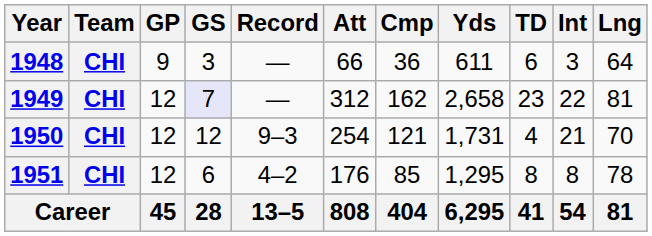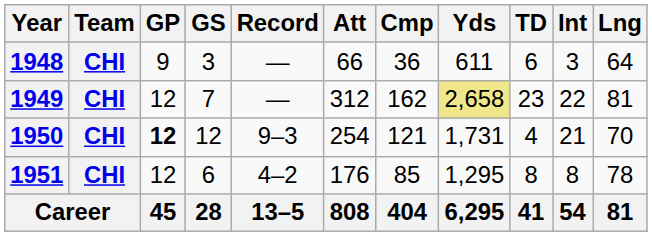 <table class=wikitable style="text-align:center;">
 <tr>
 <th>Year</th>
 <th>Team</th>
 <th>GP</th>
 <th>GS</th>
 <th>Record</th>
 <th>Att</th>
 <th>Cmp</th>
 <th>Yds</th>
 <th>TD</th>
 <th>Int</th>
 <th>Lng</th>
 </tr>
 <tr>
 <th><a href='#'>1948</a></th>
 <th><a href='#'>CHI</a></th>
 <td>9</td>
 <td>3</td>
 <td>—</td>
 <td>66</td>
 <td>36</td>
 <td>611</td>
 <td>6</td>
 <td>3</td>
 <td>64</td>
 </tr>
 <tr>
 <th><a href='#'>1949</a></th>
 <th><a href='#'>CHI</a></th>
 <td>12</td>
-<td style="background: lavender;">7</td>
+<td>7</td>
 <td>—</td>
 <td>312</td>
 <td>162</td>
-<td>2,658</td>
+<td style="background: khaki;">2,658</td>
 <td>23</td>
 <td>22</td>
 <td>81</td>
 </tr>
 <tr>
 <th><a href='#'>1950</a></th>
 <th><a href='#'>CHI</a></th>
-<td>12</td>
+<td><strong>12</strong></td>
 <td>12</td>
 <td>9–3</td>
 <td>254</td>
 <td>121</td>
 <td>1,731</td>
 <td>4</td>
 <td>21</td>
 <td>70</td>
 </tr>
 <tr>
 <th><a href='#'>1951</a></th>
 <th><a href='#'>CHI</a></th>
 <td>12</td>
 <td>6</td>
 <td>4–2</td>
 <td>176</td>
 <td>85</td>
 <td>1,295</td>
 <td>8</td>
 <td>8</td>
 <td>78</td>
 </tr>
 <tr>
 <th colspan="2">Career</th>
 <th>45</th>
 <th>28</th>
 <th>13–5</th>
 <th>808</th>
 <th>404</th>
 <th>6,295</th>
 <th>41</th>
 <th>54</th>
 <th>81</th>
 </tr>
 </table>
